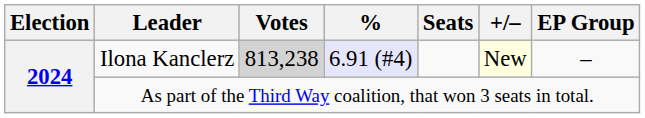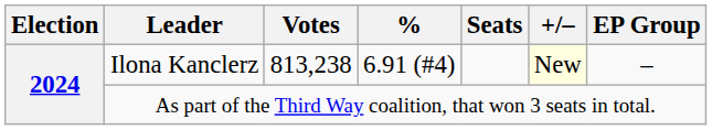 <table class=wikitable style="text-align:center;">
 <tr>
 <th>Election</th>
 <th>Leader</th>
 <th>Votes</th>
 <th>%</th>
 <th>Seats</th>
 <th>+/–</th>
 <th>EP Group</th>
 </tr>
 <tr>
 <th rowspan="2"><a href='#'>2024</a></th>
 <td>Ilona Kanclerz</td>
-<td style="background: lightgrey;">813,238</td>
-<td style="background: lavender;">6.91 (#4)</td>
+<td>813,238</td>
+<td>6.91 (#4)</td>
 <td></td>
 <td style="background: lightyellow;">New</td>
 <td>–</td>
 </tr>
 <tr>
 <td colspan="6"><small>As part of the <a href='#'>Third Way</a> coalition, that won 3 seats in total.</small></td>
 </tr>
 </table>
